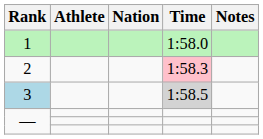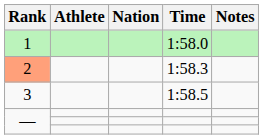 <table class="wikitable sortable" style="text-align:center">
 <tr>
 <th>Rank</th>
 <th>Athlete</th>
 <th>Nation</th>
 <th>Time</th>
 <th>Notes</th>
 </tr>
 <tr bgcolor=bbf3bb>
 <td>1</td>
 <td align=left></td>
 <td align=left></td>
 <td>1:58.0</td>
 <td></td>
 </tr>
 <tr>
-<td>2</td>
+<td style="background: lightsalmon;">2</td>
 <td align=left></td>
 <td align=left></td>
-<td style="background: pink;">1:58.3</td>
+<td>1:58.3</td>
 <td></td>
 </tr>
 <tr>
-<td style="background: lightblue;">3</td>
+<td>3</td>
 <td align=left></td>
 <td align=left></td>
-<td style="background: lightgrey;">1:58.5</td>
+<td>1:58.5</td>
 <td></td>
 </tr>
 <tr>
 <td rowspan=3 data-sort-value=4>—</td>
 <td align=left></td>
 <td align=left></td>
 <td></td>
 <td></td>
 </tr>
 <tr>
 <td align=left></td>
 <td align=left></td>
 <td></td>
 <td></td>
 </tr>
 <tr>
 <td align=left></td>
 <td align=left></td>
 <td></td>
 <td></td>
 </tr>
 </table>
